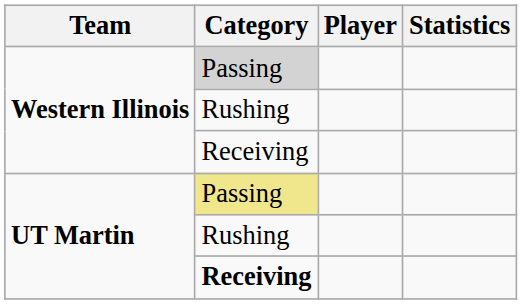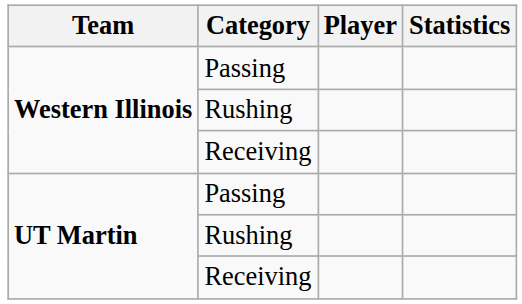 <table class="wikitable" style="float: right;">
 <tr>
 <th>Team</th>
 <th>Category</th>
 <th>Player</th>
 <th>Statistics</th>
 </tr>
 <tr>
 <td rowspan=3><strong>Western Illinois</strong></td>
-<td style="background: lightgrey;">Passing</td>
+<td>Passing</td>
 <td></td>
 <td></td>
 </tr>
 <tr>
 <td>Rushing</td>
 <td></td>
 <td></td>
 </tr>
 <tr>
 <td>Receiving</td>
 <td></td>
 <td></td>
 </tr>
 <tr>
 <td rowspan=3><strong>UT Martin</strong></td>
-<td style="background: khaki;">Passing</td>
+<td>Passing</td>
 <td></td>
 <td></td>
 </tr>
 <tr>
 <td>Rushing</td>
 <td></td>
 <td></td>
 </tr>
 <tr>
-<td><strong>Receiving</strong></td>
+<td>Receiving</td>
 <td></td>
 <td></td>
 </tr>
 </table>
